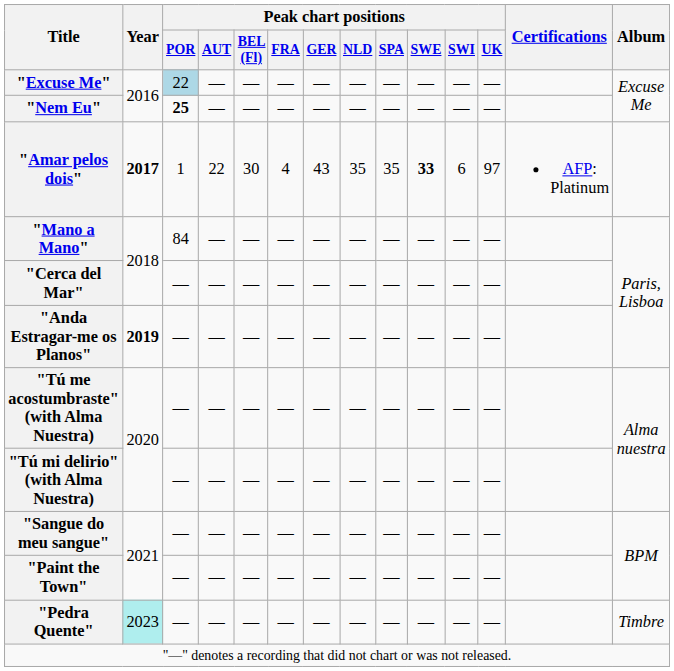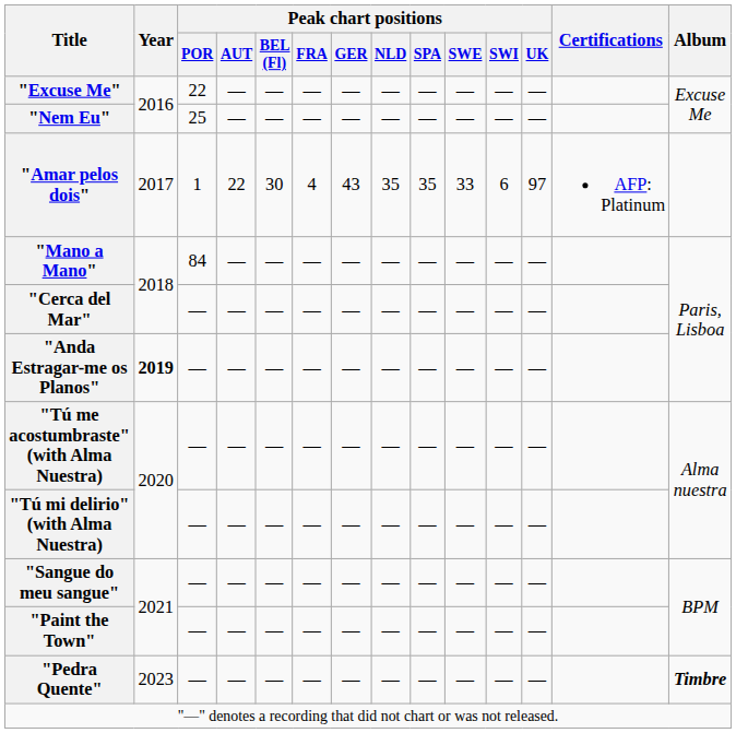 <table class="wikitable plainrowheaders" style="text-align:center;">
 <tr>
 <th scope="col" rowspan="2" style="width:15em;">Title</th>
 <th scope="col" rowspan="2" style="width:1em;">Year</th>
 <th scope="col" colspan="10">Peak chart positions</th>
 <th scope="col" rowspan="2"><a href='#'>Certifications</a></th>
 <th scope="col" rowspan="2">Album</th>
 </tr>
 <tr>
 <th scope="col" style="width:3em;font-size:85%;"><a href='#'>POR</a><br></th>
 <th scope="col" style="width:3em;font-size:85%;"><a href='#'>AUT</a><br></th>
 <th scope="col" style="width:3em;font-size:85%;"><a href='#'>BEL (Fl)</a><br></th>
 <th scope="col" style="width:3em;font-size:85%;"><a href='#'>FRA</a><br></th>
 <th scope="col" style="width:3em;font-size:85%;"><a href='#'>GER</a><br></th>
 <th scope="col" style="width:3em;font-size:85%;"><a href='#'>NLD</a><br></th>
 <th scope="col" style="width:3em;font-size:85%;"><a href='#'>SPA</a><br></th>
 <th scope="col" style="width:3em;font-size:85%;"><a href='#'>SWE</a><br></th>
 <th scope="col" style="width:3em;font-size:85%;"><a href='#'>SWI</a><br></th>
 <th scope="col" style="width:3em;font-size:85%;"><a href='#'>UK</a><br></th>
 </tr>
 <tr>
 <th scope="row">"<a href='#'>Excuse Me</a>"</th>
 <td rowspan="2">2016</td>
-<td style="background: lightblue;">22</td>
+<td>22</td>
 <td>—</td>
 <td>—</td>
 <td>—</td>
 <td>—</td>
 <td>—</td>
 <td>—</td>
 <td>—</td>
 <td>—</td>
 <td>—</td>
 <td></td>
 <td rowspan="2"><em>Excuse Me</em></td>
 </tr>
 <tr>
 <th scope="row">"<a href='#'>Nem Eu</a>"</th>
-<td><strong>25</strong></td>
+<td>25</td>
 <td>—</td>
 <td>—</td>
 <td>—</td>
 <td>—</td>
 <td>—</td>
 <td>—</td>
 <td>—</td>
 <td>—</td>
 <td>—</td>
 <td></td>
 </tr>
 <tr>
 <th scope="row">"<a href='#'>Amar pelos dois</a>"</th>
-<td><strong>2017</strong></td>
+<td>2017</td>
 <td>1</td>
 <td>22</td>
 <td>30</td>
 <td>4</td>
 <td>43</td>
 <td>35</td>
 <td>35</td>
-<td><strong>33</strong></td>
+<td>33</td>
 <td>6</td>
 <td>97</td>
 <td><br><ul><li><a href='#'>AFP</a>: Platinum</li></ul></td>
 <td></td>
 </tr>
 <tr>
 <th scope="row">"<a href='#'>Mano a Mano</a>"</th>
 <td rowspan="2">2018</td>
 <td>84</td>
 <td>—</td>
 <td>—</td>
 <td>—</td>
 <td>—</td>
 <td>—</td>
 <td>—</td>
 <td>—</td>
 <td>—</td>
 <td>—</td>
 <td></td>
 <td rowspan="3"><em>Paris, Lisboa</em></td>
 </tr>
 <tr>
 <th scope="row">"Cerca del Mar"</th>
 <td>—</td>
 <td>—</td>
 <td>—</td>
 <td>—</td>
 <td>—</td>
 <td>—</td>
 <td>—</td>
 <td>—</td>
 <td>—</td>
 <td>—</td>
 <td></td>
 </tr>
 <tr>
 <th scope="row">"Anda Estragar-me os Planos"</th>
 <td><strong>2019</strong></td>
 <td>—</td>
 <td>—</td>
 <td>—</td>
 <td>—</td>
 <td>—</td>
 <td>—</td>
 <td>—</td>
 <td>—</td>
 <td>—</td>
 <td>—</td>
 <td></td>
 </tr>
 <tr>
 <th scope="row">"Tú me acostumbraste"<br><span>(with Alma Nuestra)</span></th>
 <td rowspan="2">2020</td>
 <td>—</td>
 <td>—</td>
 <td>—</td>
 <td>—</td>
 <td>—</td>
 <td>—</td>
 <td>—</td>
 <td>—</td>
 <td>—</td>
 <td>—</td>
 <td></td>
 <td rowspan="2"><em>Alma nuestra</em></td>
 </tr>
 <tr>
 <th scope="row">"Tú mi delirio"<br><span>(with Alma Nuestra)</span></th>
 <td>—</td>
 <td>—</td>
 <td>—</td>
 <td>—</td>
 <td>—</td>
 <td>—</td>
 <td>—</td>
 <td>—</td>
 <td>—</td>
 <td>—</td>
 <td></td>
 </tr>
 <tr>
 <th scope="row">"Sangue do meu sangue"</th>
 <td rowspan="2">2021</td>
 <td>—</td>
 <td>—</td>
 <td>—</td>
 <td>—</td>
 <td>—</td>
 <td>—</td>
 <td>—</td>
 <td>—</td>
 <td>—</td>
 <td>—</td>
 <td></td>
 <td rowspan="2"><em>BPM</em></td>
 </tr>
 <tr>
 <th scope="row">"Paint the Town"</th>
 <td>—</td>
 <td>—</td>
 <td>—</td>
 <td>—</td>
 <td>—</td>
 <td>—</td>
 <td>—</td>
 <td>—</td>
 <td>—</td>
 <td>—</td>
 </tr>
 <tr>
 <th scope="row">"Pedra Quente"</th>
-<td style="background: paleturquoise;">2023</td>
+<td>2023</td>
 <td>—</td>
 <td>—</td>
 <td>—</td>
 <td>—</td>
 <td>—</td>
 <td>—</td>
 <td>—</td>
 <td>—</td>
 <td>—</td>
 <td>—</td>
 <td></td>
-<td><em>Timbre</em></td>
+<td><strong><em>Timbre</em></strong></td>
 </tr>
 <tr>
 <td style="font-size:85%;" colspan="22">"—" denotes a recording that did not chart or was not released.</td>
 </tr>
 </table>
